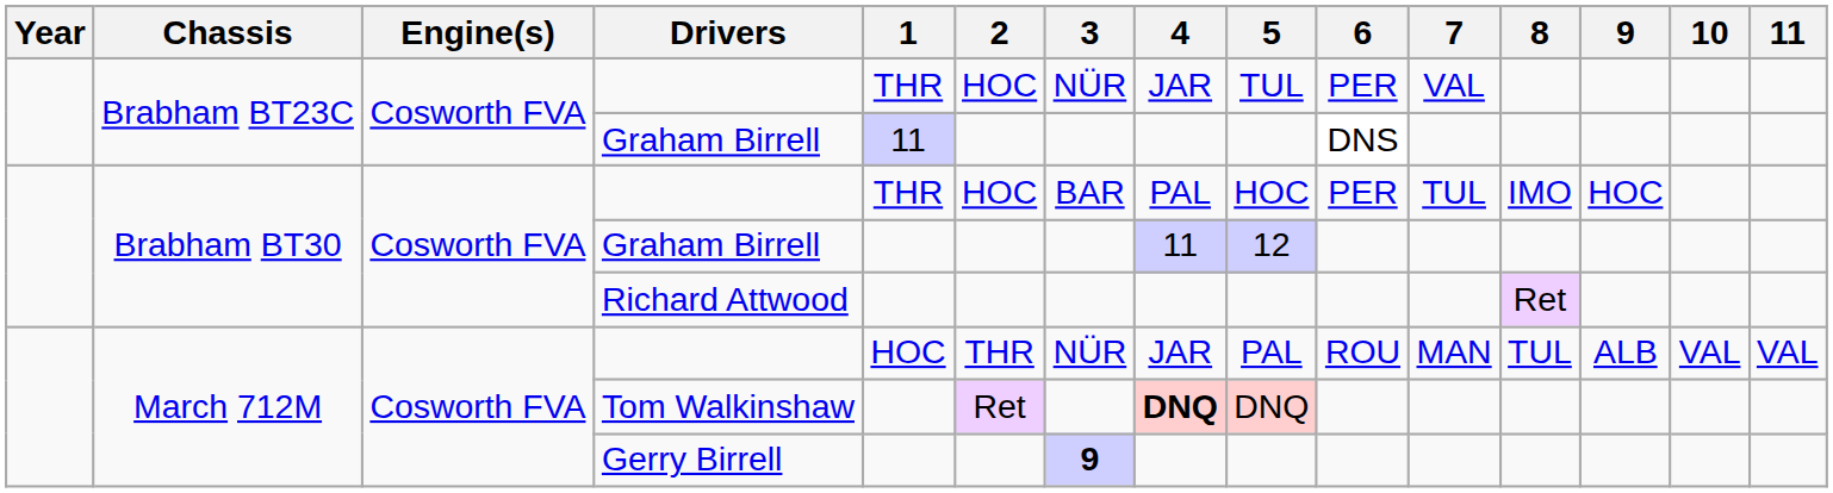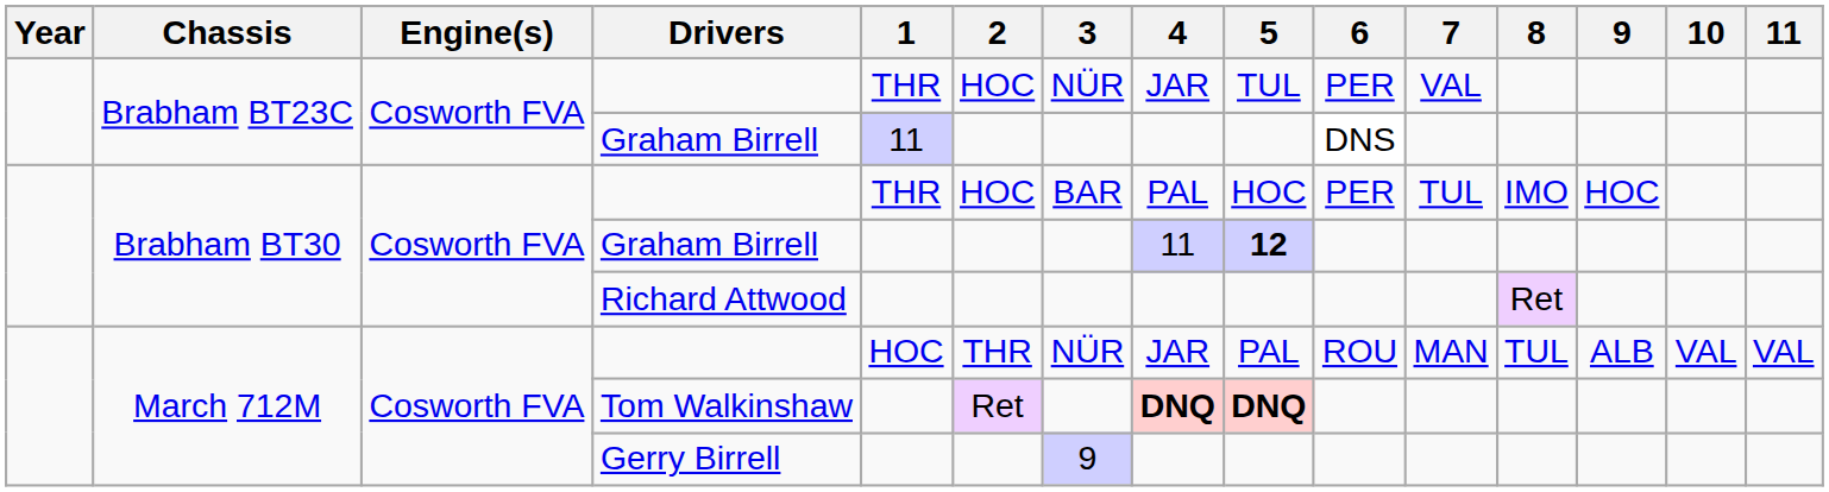 <table class="wikitable" style="text-align:center; font-size:85%">
 <tr>
 <th>Year</th>
 <th>Chassis</th>
 <th>Engine(s)</th>
 <th>Drivers</th>
 <th>1</th>
 <th>2</th>
 <th>3</th>
 <th>4</th>
 <th>5</th>
 <th>6</th>
 <th>7</th>
 <th>8</th>
 <th>9</th>
 <th>10</th>
 <th>11</th>
 </tr>
 <tr>
 <td rowspan=2></td>
 <td rowspan=2><a href='#'>Brabham</a> <a href='#'>BT23C</a></td>
 <td rowspan=2><a href='#'>Cosworth FVA</a></td>
 <td></td>
 <td><a href='#'>THR</a></td>
 <td><a href='#'>HOC</a></td>
 <td><a href='#'>NÜR</a></td>
 <td><a href='#'>JAR</a></td>
 <td><a href='#'>TUL</a></td>
 <td><a href='#'>PER</a></td>
 <td><a href='#'>VAL</a></td>
 <td></td>
 <td></td>
 <td></td>
 <td></td>
 </tr>
 <tr>
 <td align="left"> <a href='#'>Graham Birrell</a></td>
 <td style="background:#CFCFFF;">11</td>
 <td></td>
 <td></td>
 <td></td>
 <td></td>
 <td style="background:#ffffff;">DNS</td>
 <td></td>
 <td></td>
 <td></td>
 <td></td>
 <td></td>
 </tr>
 <tr>
 <td rowspan=3></td>
 <td rowspan=3><a href='#'>Brabham</a> <a href='#'>BT30</a></td>
 <td rowspan=3><a href='#'>Cosworth FVA</a></td>
 <td></td>
 <td><a href='#'>THR</a></td>
 <td><a href='#'>HOC</a></td>
 <td><a href='#'>BAR</a></td>
 <td><a href='#'>PAL</a></td>
 <td><a href='#'>HOC</a></td>
 <td><a href='#'>PER</a></td>
 <td><a href='#'>TUL</a></td>
 <td><a href='#'>IMO</a></td>
 <td><a href='#'>HOC</a></td>
 <td></td>
 <td></td>
 </tr>
 <tr>
 <td align="left"> <a href='#'>Graham Birrell</a></td>
 <td></td>
 <td></td>
 <td></td>
 <td style="background:#CFCFFF;">11</td>
-<td style="background:#CFCFFF;">12</td>
+<td style="background:#CFCFFF;"><strong>12</strong></td>
 <td></td>
 <td></td>
 <td></td>
 <td></td>
 <td></td>
 <td></td>
 </tr>
 <tr>
 <td align="left"> <a href='#'>Richard Attwood</a></td>
 <td></td>
 <td></td>
 <td></td>
 <td></td>
 <td></td>
 <td></td>
 <td></td>
 <td style="background:#efcfff;">Ret</td>
 <td></td>
 <td></td>
 <td></td>
 </tr>
 <tr>
 <td rowspan=3></td>
 <td rowspan=3><a href='#'>March</a> <a href='#'>712M</a></td>
 <td rowspan=3><a href='#'>Cosworth FVA</a></td>
 <td></td>
 <td><a href='#'>HOC</a></td>
 <td><a href='#'>THR</a></td>
 <td><a href='#'>NÜR</a></td>
 <td><a href='#'>JAR</a></td>
 <td><a href='#'>PAL</a></td>
 <td><a href='#'>ROU</a></td>
 <td><a href='#'>MAN</a></td>
 <td><a href='#'>TUL</a></td>
 <td><a href='#'>ALB</a></td>
 <td><a href='#'>VAL</a></td>
 <td><a href='#'>VAL</a></td>
 </tr>
 <tr>
 <td align="left"> <a href='#'>Tom Walkinshaw</a></td>
 <td></td>
 <td style="background:#efcfff;">Ret</td>
 <td></td>
 <td style="background:#FFCFCF;"><strong>DNQ</strong></td>
-<td style="background:#FFCFCF;">DNQ</td>
+<td style="background:#FFCFCF;"><strong>DNQ</strong></td>
 <td></td>
 <td></td>
 <td></td>
 <td></td>
 <td></td>
 <td></td>
 </tr>
 <tr>
 <td align="left"> <a href='#'>Gerry Birrell</a></td>
 <td></td>
 <td></td>
-<td style="background:#CFCFFF;"><strong>9</strong></td>
+<td style="background:#CFCFFF;">9</td>
 <td></td>
 <td></td>
 <td></td>
 <td></td>
 <td></td>
 <td></td>
 <td></td>
 <td></td>
 </tr>
 </table>
